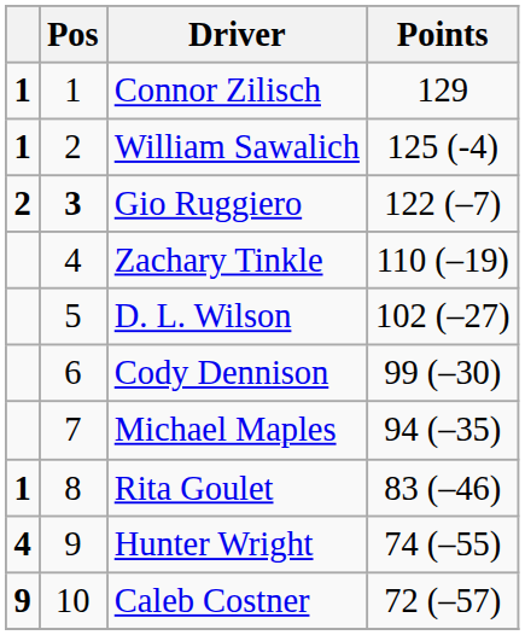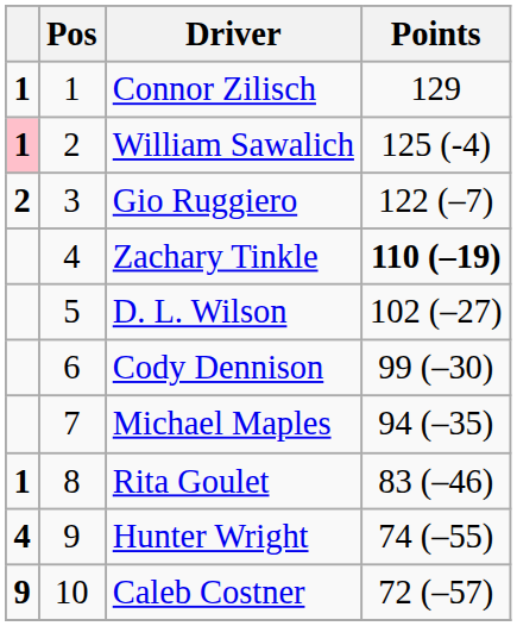 <table class="wikitable" style="font-size: 95%;">
 <tr>
 <th></th>
 <th>Pos</th>
 <th>Driver</th>
 <th>Points</th>
 </tr>
 <tr>
 <td align="left"> <strong>1</strong></td>
 <td style="text-align:center;">1</td>
 <td><a href='#'>Connor Zilisch</a></td>
 <td style="text-align:center;">129</td>
 </tr>
 <tr>
-<td align="left"> <strong>1</strong></td>
+<td align="left" style="background: pink;"> <strong>1</strong></td>
 <td style="text-align:center;">2</td>
 <td><a href='#'>William Sawalich</a></td>
 <td style="text-align:center;">125 (-4)</td>
 </tr>
 <tr>
 <td align="left"> <strong>2</strong></td>
-<td style="text-align:center;"><strong>3</strong></td>
+<td style="text-align:center;">3</td>
 <td><a href='#'>Gio Ruggiero</a></td>
 <td style="text-align:center;">122 (–7)</td>
 </tr>
 <tr>
 <td align="left"></td>
 <td style="text-align:center;">4</td>
 <td><a href='#'>Zachary Tinkle</a></td>
-<td style="text-align:center;">110 (–19)</td>
+<td style="text-align:center;"><strong>110 (–19)</strong></td>
 </tr>
 <tr>
 <td align="left"></td>
 <td style="text-align:center;">5</td>
 <td><a href='#'>D. L. Wilson</a></td>
 <td style="text-align:center;">102 (–27)</td>
 </tr>
 <tr>
 <td align="left"></td>
 <td style="text-align:center;">6</td>
 <td><a href='#'>Cody Dennison</a></td>
 <td style="text-align:center;">99 (–30)</td>
 </tr>
 <tr>
 <td align="left"></td>
 <td style="text-align:center;">7</td>
 <td><a href='#'>Michael Maples</a></td>
 <td style="text-align:center;">94 (–35)</td>
 </tr>
 <tr>
 <td align="left"> <strong>1</strong></td>
 <td style="text-align:center;">8</td>
 <td><a href='#'>Rita Goulet</a></td>
 <td style="text-align:center;">83 (–46)</td>
 </tr>
 <tr>
 <td align="left"> <strong>4</strong></td>
 <td style="text-align:center;">9</td>
 <td><a href='#'>Hunter Wright</a></td>
 <td style="text-align:center;">74 (–55)</td>
 </tr>
 <tr>
 <td align="left"> <strong>9</strong></td>
 <td style="text-align:center;">10</td>
 <td><a href='#'>Caleb Costner</a></td>
 <td style="text-align:center;">72 (–57)</td>
 </tr>
 <tr class="sortbottom">
 </tr>
 </table>
